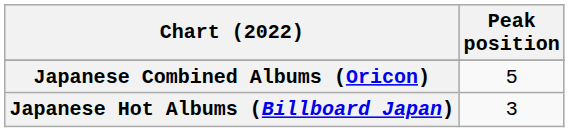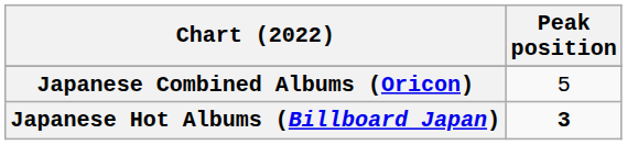 <table class="wikitable sortable plainrowheaders" style="text-align:center">
 <tr>
 <th scope="col">Chart (2022)</th>
 <th scope="col">Peak<br>position</th>
 </tr>
 <tr>
 </tr>
 <tr>
 <th scope="row">Japanese Combined Albums (<a href='#'>Oricon</a>)</th>
 <td>5</td>
 </tr>
 <tr>
 <th scope="row">Japanese Hot Albums (<em><a href='#'>Billboard Japan</a></em>)</th>
-<td>3</td>
+<td><strong>3</strong></td>
 </tr>
 </table>
